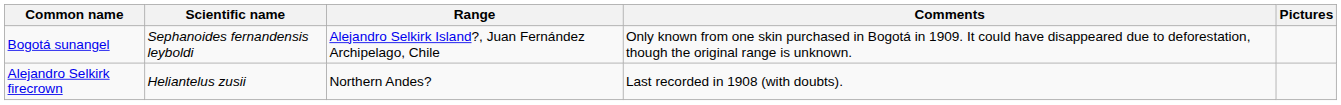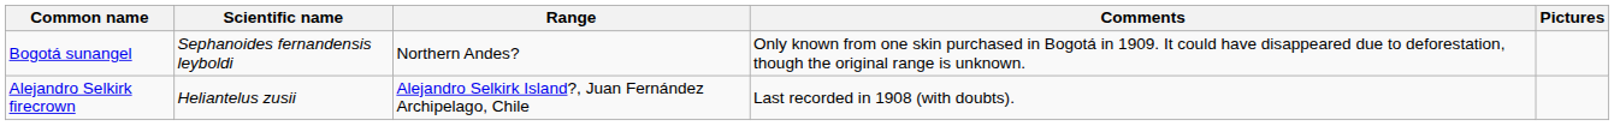 <table class="wikitable">
 <tr>
 <th>Common name</th>
 <th>Scientific name</th>
 <th>Range</th>
 <th class="unsortable">Comments</th>
 <th>Pictures</th>
 </tr>
 <tr>
 <td><a href='#'>Bogotá sunangel</a></td>
 <td><em>Sephanoides fernandensis leyboldi</em></td>
-<td><a href='#'>Alejandro Selkirk Island</a>?, Juan Fernández Archipelago, Chile</td>
+<td>Northern Andes?</td>
 <td>Only known from one skin purchased in Bogotá in 1909. It could have disappeared due to deforestation, though the original range is unknown.</td>
 <td></td>
 </tr>
 <tr>
 <td><a href='#'>Alejandro Selkirk firecrown</a></td>
 <td><em>Heliantelus zusii</em></td>
-<td>Northern Andes?</td>
+<td><a href='#'>Alejandro Selkirk Island</a>?, Juan Fernández Archipelago, Chile</td>
 <td>Last recorded in 1908 (with doubts).</td>
 <td></td>
 </tr>
 </table>
